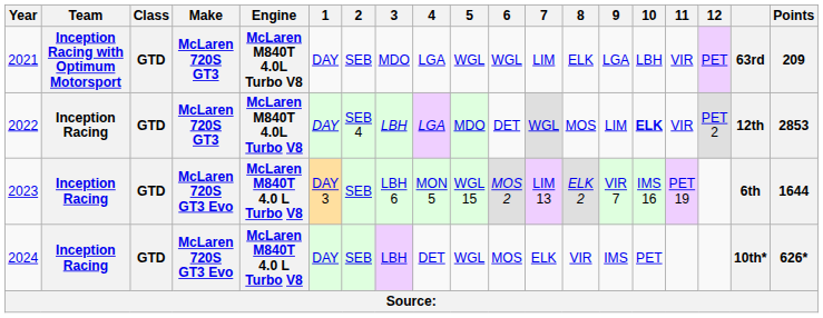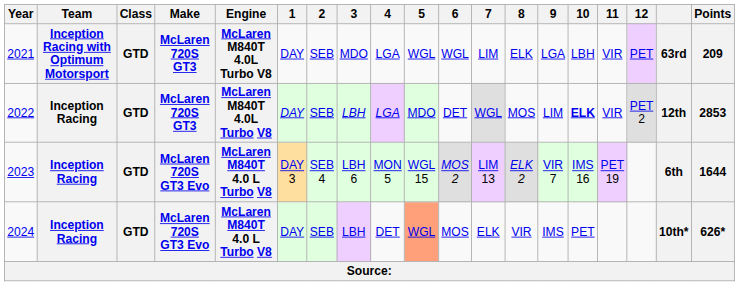 <table class="wikitable" style="text-align:center; font-size:90%">
 <tr>
 <th>Year</th>
 <th>Team</th>
 <th>Class</th>
 <th>Make</th>
 <th>Engine</th>
 <th>1</th>
 <th>2</th>
 <th>3</th>
 <th>4</th>
 <th>5</th>
 <th>6</th>
 <th>7</th>
 <th>8</th>
 <th>9</th>
 <th>10</th>
 <th>11</th>
 <th>12</th>
 <th></th>
 <th>Points</th>
 </tr>
 <tr>
 <td><a href='#'>2021</a></td>
 <th><a href='#'>Inception Racing with Optimum Motorsport</a></th>
 <th>GTD</th>
 <th><a href='#'>McLaren 720S GT3</a></th>
 <th><a href='#'>McLaren</a> M840T 4.0L Turbo V8</th>
 <td><a href='#'>DAY</a></td>
 <td><a href='#'>SEB</a></td>
 <td><a href='#'>MDO</a></td>
 <td><a href='#'>LGA</a></td>
 <td><a href='#'>WGL</a></td>
 <td><a href='#'>WGL</a></td>
 <td><a href='#'>LIM</a><br></td>
 <td><a href='#'>ELK</a></td>
 <td><a href='#'>LGA</a></td>
 <td><a href='#'>LBH</a></td>
 <td><a href='#'>VIR</a></td>
 <td style="background:#EFCFFF;"><a href='#'>PET</a><br></td>
 <th>63rd</th>
 <th>209</th>
 </tr>
 <tr>
 <td><a href='#'>2022</a></td>
 <th>Inception Racing</th>
 <th>GTD</th>
 <th><a href='#'>McLaren 720S GT3</a></th>
 <th><a href='#'>McLaren</a> M840T 4.0L <a href='#'>Turbo</a> <a href='#'>V8</a></th>
 <td style="background:#DFFFDF;"><em><a href='#'>DAY</a></em><br></td>
-<td style="background:#dfffdf;"><a href='#'>SEB</a><br>4</td>
+<td style="background:#DFFFDF;"><a href='#'>SEB</a><br></td>
 <td style="background:#DFFFDF;"><em><a href='#'>LBH</a></em><br></td>
 <td style="background:#EFCFFF;"><em><a href='#'>LGA</a></em><br></td>
 <td style="background:#DFFFDF;"><a href='#'>MDO</a><br></td>
 <td><a href='#'>DET</a></td>
 <td style="background:#DFDFDF;”"><a href='#'>WGL</a><br></td>
 <td style="background:"><a href='#'>MOS</a><br></td>
 <td style="background:"><a href='#'>LIM</a><br></td>
 <td style="background:"><strong><a href='#'>ELK</a><br></strong></td>
 <td style="background:"><a href='#'>VIR</a><br></td>
 <td style="background:#DFDFDF;”"><a href='#'>PET</a><br>2</td>
 <th>12th</th>
 <th>2853</th>
 </tr>
 <tr>
 <td><a href='#'>2023</a></td>
 <th><a href='#'>Inception Racing</a></th>
 <th>GTD</th>
 <th><a href='#'>McLaren 720S GT3 Evo</a></th>
 <th><a href='#'>McLaren</a> <a href='#'>M840T</a> 4.0 L <a href='#'>Turbo</a> <a href='#'>V8</a></th>
 <td style="background:#ffdf9f;"><a href='#'>DAY</a><br>3</td>
-<td style="background:#dfffdf;"><a href='#'>SEB</a><br></td>
+<td style="background:#dfffdf;"><a href='#'>SEB</a><br>4</td>
 <td style="background:#dfffdf;"><a href='#'>LBH</a><br>6</td>
 <td style="background:#dfffdf;"><a href='#'>MON</a><br>5</td>
 <td style="background:#dfffdf;"><a href='#'>WGL</a><br>15</td>
 <td style="background:#dfdfdf;"><em><a href='#'>MOS</a><br>2</em></td>
 <td style="background:#efcfff;"><a href='#'>LIM</a><br>13</td>
 <td style="background:#dfdfdf;"><em><a href='#'>ELK</a><br>2</em></td>
 <td style="background:#dfffdf;"><a href='#'>VIR</a><br>7</td>
 <td style="background:#dfffdf;"><a href='#'>IMS</a><br>16</td>
 <td style="background:#efcfff;"><a href='#'>PET</a><br>19</td>
 <td></td>
 <th>6th</th>
 <th>1644</th>
 </tr>
 <tr>
 <td><a href='#'>2024</a></td>
 <th><a href='#'>Inception Racing</a></th>
 <th>GTD</th>
 <th><a href='#'>McLaren 720S GT3 Evo</a></th>
 <th><a href='#'>McLaren</a> <a href='#'>M840T</a> 4.0 L <a href='#'>Turbo</a> <a href='#'>V8</a></th>
 <td style="background:#dfffdf;"><a href='#'>DAY</a><br></td>
 <td style="background:#dfffdf;"><a href='#'>SEB</a><br></td>
 <td style="background:#efcfff;"><a href='#'>LBH</a><br></td>
 <td><a href='#'>DET</a></td>
-<td><a href='#'>WGL</a></td>
+<td style="background: lightsalmon;"><a href='#'>WGL</a></td>
 <td><a href='#'>MOS</a></td>
 <td><a href='#'>ELK</a></td>
 <td><a href='#'>VIR</a></td>
 <td><a href='#'>IMS</a></td>
 <td><a href='#'>PET</a></td>
 <td></td>
 <td></td>
 <th>10th*</th>
 <th>626*</th>
 </tr>
 <tr>
 <th colspan="19">Source:</th>
 </tr>
 </table>
